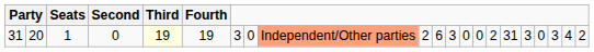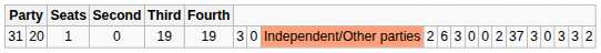 <table class="wikitable">
 <tr>
 <th colspan=2>Party</th>
 <th>Seats</th>
 <th>Second</th>
 <th>Third</th>
 <th>Fourth</th>
 </tr>
 <tr>
 <td align=center>31</td>
 <td align=center>20</td>
 <td align=center>1</td>
 <td align=center>0<br></td>
-<td align=center style="background: lightyellow;">19</td>
+<td align=center>19</td>
 <td align=center>19</td>
 <td align=center>3</td>
 <td align=center>0<br></td>
 <td style="background: lightsalmon;">Independent/Other parties</td>
 <td align=center>2</td>
 <td align=center>6</td>
 <td align=center>3</td>
 <td align=center>0<br></td>
 <td align=center>0</td>
 <td align=center>2</td>
-<td align=center>31</td>
+<td align=center>37</td>
 <td align=center>3<br></td>
 <td align=center>0</td>
 <td align=center>3</td>
-<td align=center>4</td>
+<td align=center>3</td>
 <td align=center>2</td>
 </tr>
 </table>
